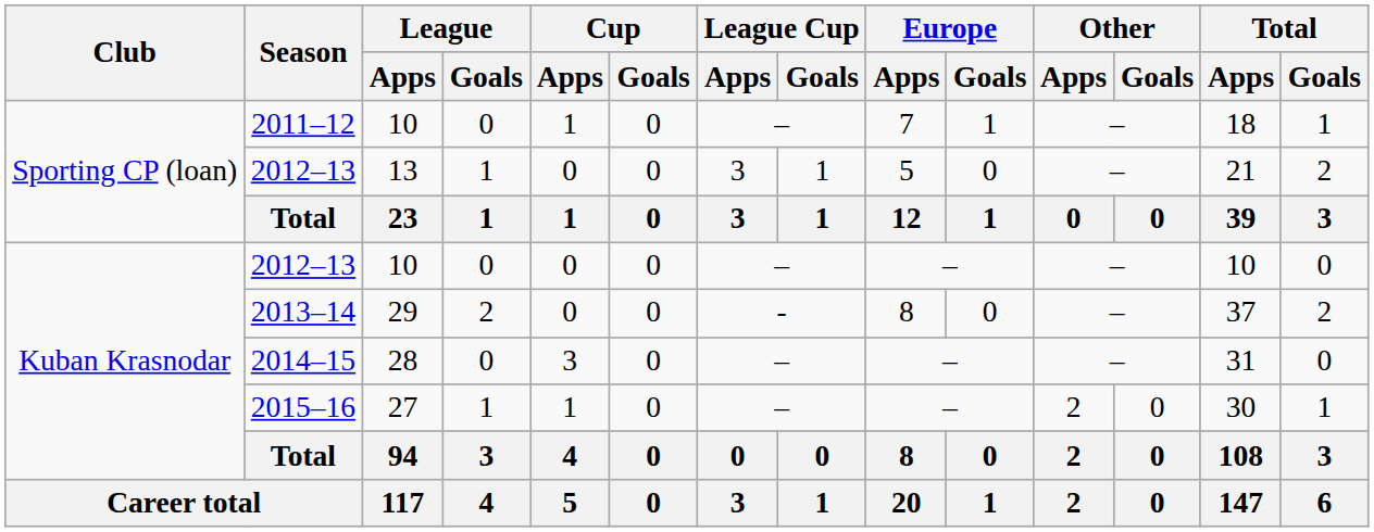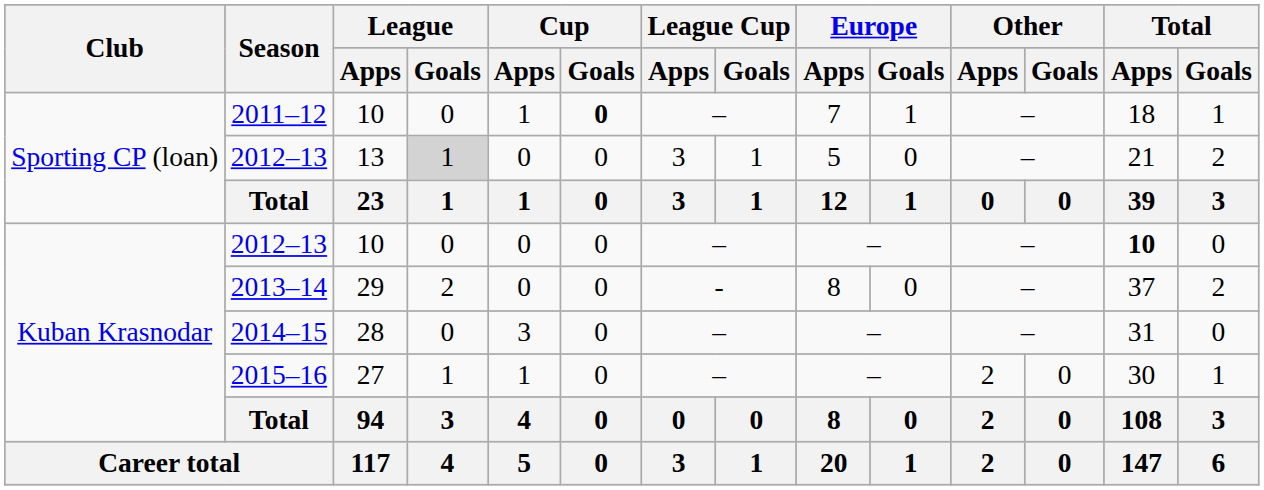 <table class="wikitable" style="text-align:center;">
 <tr>
 <th rowspan="2">Club</th>
 <th rowspan="2">Season</th>
 <th colspan="2">League</th>
 <th colspan="2">Cup</th>
 <th colspan="2">League Cup</th>
 <th colspan="2"><a href='#'>Europe</a></th>
 <th colspan="2">Other</th>
 <th colspan="2">Total</th>
 </tr>
 <tr>
 <th>Apps</th>
 <th>Goals</th>
 <th>Apps</th>
 <th>Goals</th>
 <th>Apps</th>
 <th>Goals</th>
 <th>Apps</th>
 <th>Goals</th>
 <th>Apps</th>
 <th>Goals</th>
 <th>Apps</th>
 <th>Goals</th>
 </tr>
 <tr>
 <td rowspan="3"><a href='#'>Sporting CP</a> (loan)</td>
 <td><a href='#'>2011–12</a></td>
 <td>10</td>
 <td>0</td>
 <td>1</td>
-<td>0</td>
+<td><strong>0</strong></td>
 <td colspan="2">–</td>
 <td>7</td>
 <td>1</td>
 <td colspan="2">–</td>
 <td>18</td>
 <td>1</td>
 </tr>
 <tr>
 <td><a href='#'>2012–13</a></td>
 <td>13</td>
-<td>1</td>
+<td style="background: lightgrey;">1</td>
 <td>0</td>
 <td>0</td>
 <td>3</td>
 <td>1</td>
 <td>5</td>
 <td>0</td>
 <td colspan="2">–</td>
 <td>21</td>
 <td>2</td>
 </tr>
 <tr>
 <th>Total</th>
 <th>23</th>
 <th>1</th>
 <th>1</th>
 <th>0</th>
 <th>3</th>
 <th>1</th>
 <th>12</th>
 <th>1</th>
 <th>0</th>
 <th>0</th>
 <th>39</th>
 <th>3</th>
 </tr>
 <tr>
 <td rowspan="5"><a href='#'>Kuban Krasnodar</a></td>
 <td><a href='#'>2012–13</a></td>
 <td>10</td>
 <td>0</td>
 <td>0</td>
 <td>0</td>
 <td colspan="2">–</td>
 <td colspan="2">–</td>
 <td colspan="2">–</td>
-<td>10</td>
+<td><strong>10</strong></td>
 <td>0</td>
 </tr>
 <tr>
 <td><a href='#'>2013–14</a></td>
 <td>29</td>
 <td>2</td>
 <td>0</td>
 <td>0</td>
 <td colspan="2">-</td>
 <td>8</td>
 <td>0</td>
 <td colspan="2">–</td>
 <td>37</td>
 <td>2</td>
 </tr>
 <tr>
 <td><a href='#'>2014–15</a></td>
 <td>28</td>
 <td>0</td>
 <td>3</td>
 <td>0</td>
 <td colspan="2">–</td>
 <td colspan="2">–</td>
 <td colspan="2">–</td>
 <td>31</td>
 <td>0</td>
 </tr>
 <tr>
 <td><a href='#'>2015–16</a></td>
 <td>27</td>
 <td>1</td>
 <td>1</td>
 <td>0</td>
 <td colspan="2">–</td>
 <td colspan="2">–</td>
 <td>2</td>
 <td>0</td>
 <td>30</td>
 <td>1</td>
 </tr>
 <tr>
 <th>Total</th>
 <th>94</th>
 <th>3</th>
 <th>4</th>
 <th>0</th>
 <th>0</th>
 <th>0</th>
 <th>8</th>
 <th>0</th>
 <th>2</th>
 <th>0</th>
 <th>108</th>
 <th>3</th>
 </tr>
 <tr>
 <th colspan="2">Career total</th>
 <th>117</th>
 <th>4</th>
 <th>5</th>
 <th>0</th>
 <th>3</th>
 <th>1</th>
 <th>20</th>
 <th>1</th>
 <th>2</th>
 <th>0</th>
 <th>147</th>
 <th>6</th>
 </tr>
 </table>
